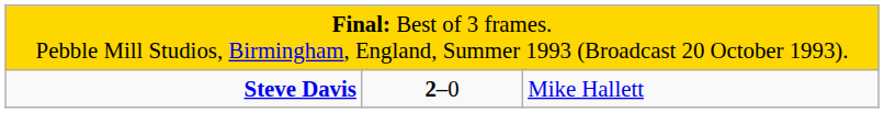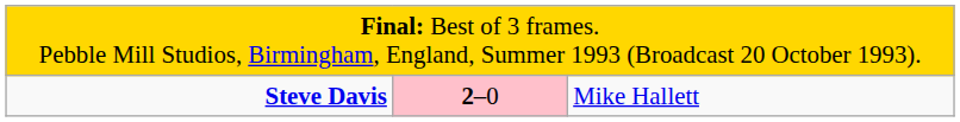 <table class="wikitable" style="font-size: 95%; margin: 1em auto 1em auto;">
 <tr>
 <td colspan="3" align="center" bgcolor="#ffd700"><strong>Final:</strong> Best of 3 frames.<br>Pebble Mill Studios, <a href='#'>Birmingham</a>, England, Summer 1993 (Broadcast 20 October 1993).</td>
 </tr>
 <tr>
 <td width="230" align="right"><strong><a href='#'>Steve Davis</a></strong> <br></td>
-<td width="100" align="center"><strong>2</strong>–0</td>
+<td width="100" align="center" style="background: pink;"><strong>2</strong>–0</td>
 <td width="230"><a href='#'>Mike Hallett</a> <br></td>
 </tr>
 </table>
